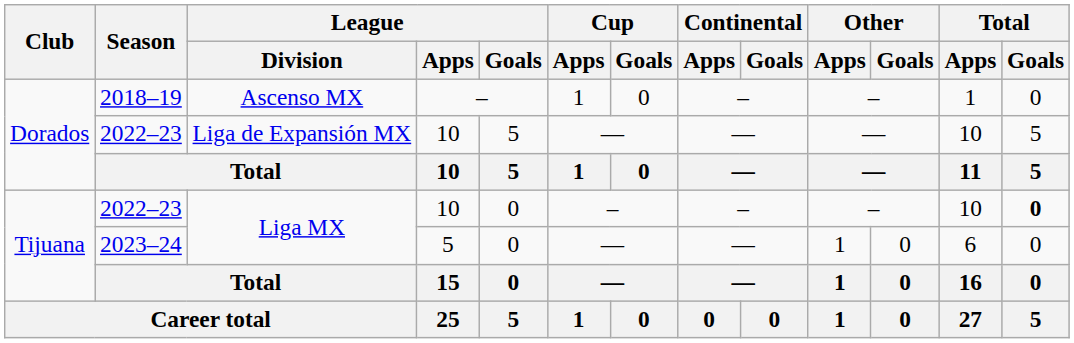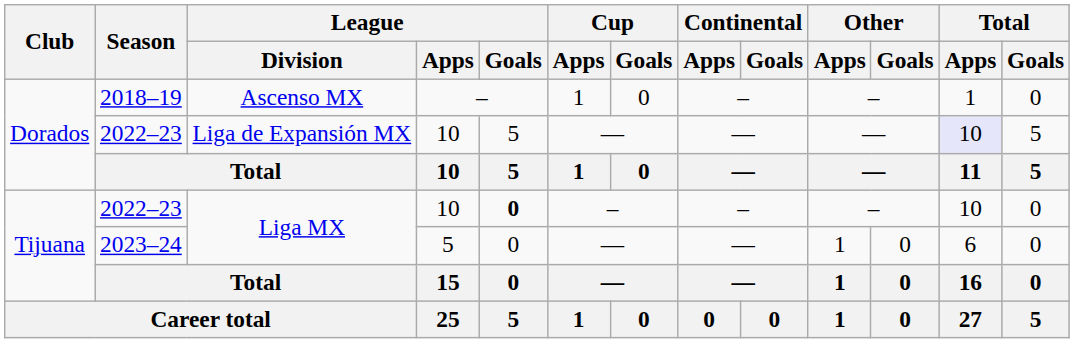 <table class="wikitable" style="text-align: center">
 <tr>
 <th rowspan="2">Club</th>
 <th rowspan="2">Season</th>
 <th colspan="3">League</th>
 <th colspan="2">Cup</th>
 <th colspan="2">Continental</th>
 <th colspan="2">Other</th>
 <th colspan="2">Total</th>
 </tr>
 <tr>
 <th>Division</th>
 <th>Apps</th>
 <th>Goals</th>
 <th>Apps</th>
 <th>Goals</th>
 <th>Apps</th>
 <th>Goals</th>
 <th>Apps</th>
 <th>Goals</th>
 <th>Apps</th>
 <th>Goals</th>
 </tr>
 <tr>
 <td rowspan="3"><a href='#'>Dorados</a></td>
 <td><a href='#'>2018–19</a></td>
 <td><a href='#'>Ascenso MX</a></td>
 <td colspan="2">–</td>
 <td>1</td>
 <td>0</td>
 <td colspan="2">–</td>
 <td colspan="2">–</td>
 <td>1</td>
 <td>0</td>
 </tr>
 <tr>
 <td><a href='#'>2022–23</a></td>
 <td><a href='#'>Liga de Expansión MX</a></td>
 <td>10</td>
 <td>5</td>
 <td colspan="2">—</td>
 <td colspan="2">—</td>
 <td colspan="2">—</td>
-<td>10</td>
+<td style="background: lavender;">10</td>
 <td>5</td>
 </tr>
 <tr>
 <th colspan="2">Total</th>
 <th>10</th>
 <th>5</th>
 <th>1</th>
 <th>0</th>
 <th colspan="2">—</th>
 <th colspan="2">—</th>
 <th>11</th>
 <th>5</th>
 </tr>
 <tr>
 <td rowspan="3"><a href='#'>Tijuana</a></td>
 <td><a href='#'>2022–23</a></td>
 <td rowspan="2"><a href='#'>Liga MX</a></td>
 <td>10</td>
-<td>0</td>
+<td><strong>0</strong></td>
 <td colspan="2">–</td>
 <td colspan="2">–</td>
 <td colspan="2">–</td>
 <td>10</td>
-<td><strong>0</strong></td>
+<td>0</td>
 </tr>
 <tr>
 <td><a href='#'>2023–24</a></td>
 <td>5</td>
 <td>0</td>
 <td colspan="2">—</td>
 <td colspan="2">—</td>
 <td>1</td>
 <td>0</td>
 <td>6</td>
 <td>0</td>
 </tr>
 <tr>
 <th colspan="2">Total</th>
 <th>15</th>
 <th>0</th>
 <th colspan="2">—</th>
 <th colspan="2">—</th>
 <th>1</th>
 <th>0</th>
 <th>16</th>
 <th>0</th>
 </tr>
 <tr>
 <th colspan="3"><strong>Career total</strong></th>
 <th>25</th>
 <th>5</th>
 <th>1</th>
 <th>0</th>
 <th>0</th>
 <th>0</th>
 <th>1</th>
 <th>0</th>
 <th>27</th>
 <th>5</th>
 </tr>
 </table>
